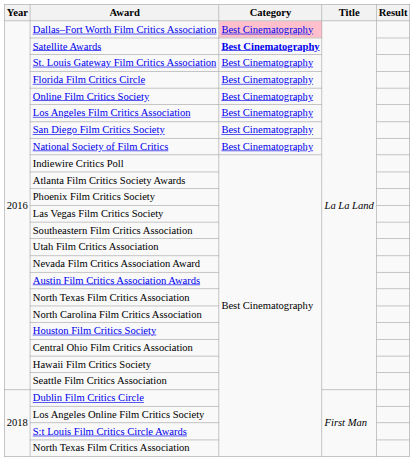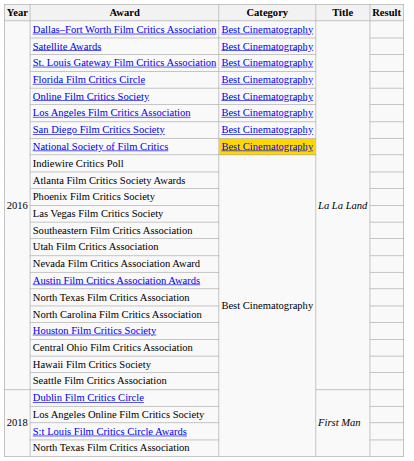 <table class="wikitable">
 <tr>
 <th>Year</th>
 <th>Award</th>
 <th>Category</th>
 <th>Title</th>
 <th>Result</th>
 </tr>
 <tr>
 <td rowspan=22>2016</td>
 <td><a href='#'>Dallas–Fort Worth Film Critics Association</a></td>
-<td style="background: pink;"><a href='#'>Best Cinematography</a></td>
+<td><a href='#'>Best Cinematography</a></td>
 <td rowspan=22><em>La La Land</em></td>
 <td></td>
 </tr>
 <tr>
 <td><a href='#'>Satellite Awards</a></td>
-<td><strong><a href='#'>Best Cinematography</a></strong></td>
+<td><a href='#'>Best Cinematography</a></td>
 <td></td>
 </tr>
 <tr>
 <td><a href='#'>St. Louis Gateway Film Critics Association</a></td>
 <td><a href='#'>Best Cinematography</a></td>
 <td></td>
 </tr>
 <tr>
 <td><a href='#'>Florida Film Critics Circle</a></td>
 <td><a href='#'>Best Cinematography</a></td>
 <td></td>
 </tr>
 <tr>
 <td><a href='#'>Online Film Critics Society</a></td>
 <td><a href='#'>Best Cinematography</a></td>
 <td></td>
 </tr>
 <tr>
 <td><a href='#'>Los Angeles Film Critics Association</a></td>
 <td><a href='#'>Best Cinematography</a></td>
 <td></td>
 </tr>
 <tr>
 <td><a href='#'>San Diego Film Critics Society</a></td>
 <td><a href='#'>Best Cinematography</a></td>
 <td></td>
 </tr>
 <tr>
 <td><a href='#'>National Society of Film Critics</a></td>
-<td><a href='#'>Best Cinematography</a></td>
+<td style="background: gold;"><a href='#'>Best Cinematography</a></td>
 <td></td>
 </tr>
 <tr>
 <td>Indiewire Critics Poll</td>
 <td rowspan=18>Best Cinematography</td>
 <td></td>
 </tr>
 <tr>
 <td>Atlanta Film Critics Society Awards</td>
 <td></td>
 </tr>
 <tr>
 <td>Phoenix Film Critics Society</td>
 <td></td>
 </tr>
 <tr>
 <td>Las Vegas Film Critics Society</td>
 <td></td>
 </tr>
 <tr>
 <td>Southeastern Film Critics Association</td>
 <td></td>
 </tr>
 <tr>
 <td>Utah Film Critics Association</td>
 <td></td>
 </tr>
 <tr>
 <td>Nevada Film Critics Association Award</td>
 <td></td>
 </tr>
 <tr>
 <td><a href='#'>Austin Film Critics Association Awards</a></td>
 <td></td>
 </tr>
 <tr>
 <td>North Texas Film Critics Association</td>
 <td></td>
 </tr>
 <tr>
 <td>North Carolina Film Critics Association</td>
 <td></td>
 </tr>
 <tr>
 <td><a href='#'>Houston Film Critics Society</a></td>
 <td></td>
 </tr>
 <tr>
 <td>Central Ohio Film Critics Association</td>
 <td></td>
 </tr>
 <tr>
 <td>Hawaii Film Critics Society</td>
 <td></td>
 </tr>
 <tr>
 <td>Seattle Film Critics Association</td>
 <td></td>
 </tr>
 <tr>
 <td rowspan=4>2018</td>
 <td><a href='#'>Dublin Film Critics Circle</a></td>
 <td rowspan=4><em>First Man</em></td>
 <td></td>
 </tr>
 <tr>
 <td>Los Angeles Online Film Critics Society</td>
 <td></td>
 </tr>
 <tr>
 <td><a href='#'>S:t Louis Film Critics Circle Awards</a></td>
 <td></td>
 </tr>
 <tr>
 <td>North Texas Film Critics Association</td>
 <td></td>
 </tr>
 </table>
